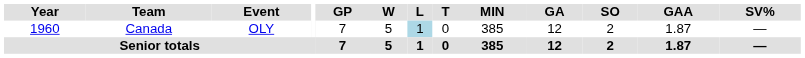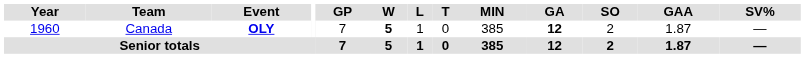 <table border="0" cellpadding="1" cellspacing="0" ID="Table3" style="text-align:center; width:60em">
 <tr ALIGN="center" bgcolor="#e0e0e0">
 <th>Year</th>
 <th>Team</th>
 <th>Event</th>
 <th rowspan="99" bgcolor="#ffffff"></th>
 <th>GP</th>
 <th>W</th>
 <th>L</th>
 <th>T</th>
 <th>MIN</th>
 <th>GA</th>
 <th>SO</th>
 <th>GAA</th>
 <th>SV%</th>
 </tr>
 <tr>
 <td><a href='#'>1960</a></td>
 <td><a href='#'>Canada</a></td>
-<td><a href='#'>OLY</a></td>
+<td><strong><a href='#'>OLY</a></strong></td>
 <td>7</td>
-<td>5</td>
-<td style="background: lightblue;">1</td>
+<td><strong>5</strong></td>
+<td>1</td>
 <td>0</td>
 <td>385</td>
-<td>12</td>
+<td><strong>12</strong></td>
 <td>2</td>
 <td>1.87</td>
 <td>—</td>
 </tr>
 <tr bgcolor="#e0e0e0">
 <th colspan=4>Senior totals</th>
 <th>7</th>
 <th>5</th>
 <th>1</th>
 <th>0</th>
 <th>385</th>
 <th>12</th>
 <th>2</th>
 <th>1.87</th>
 <th>—</th>
 </tr>
 </table>
